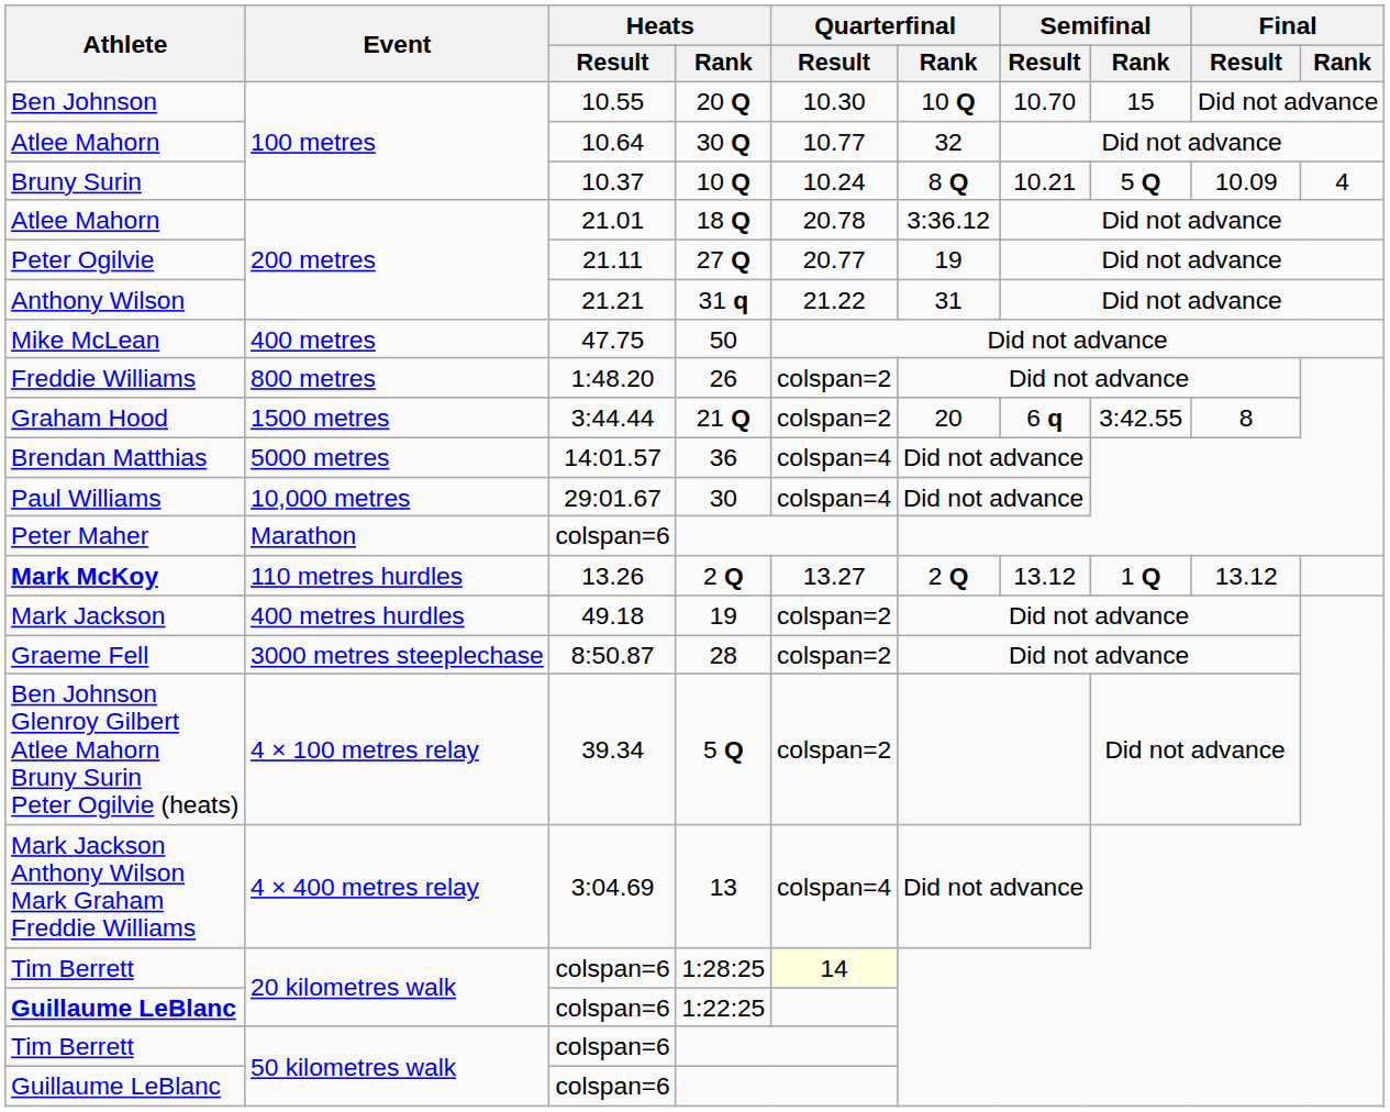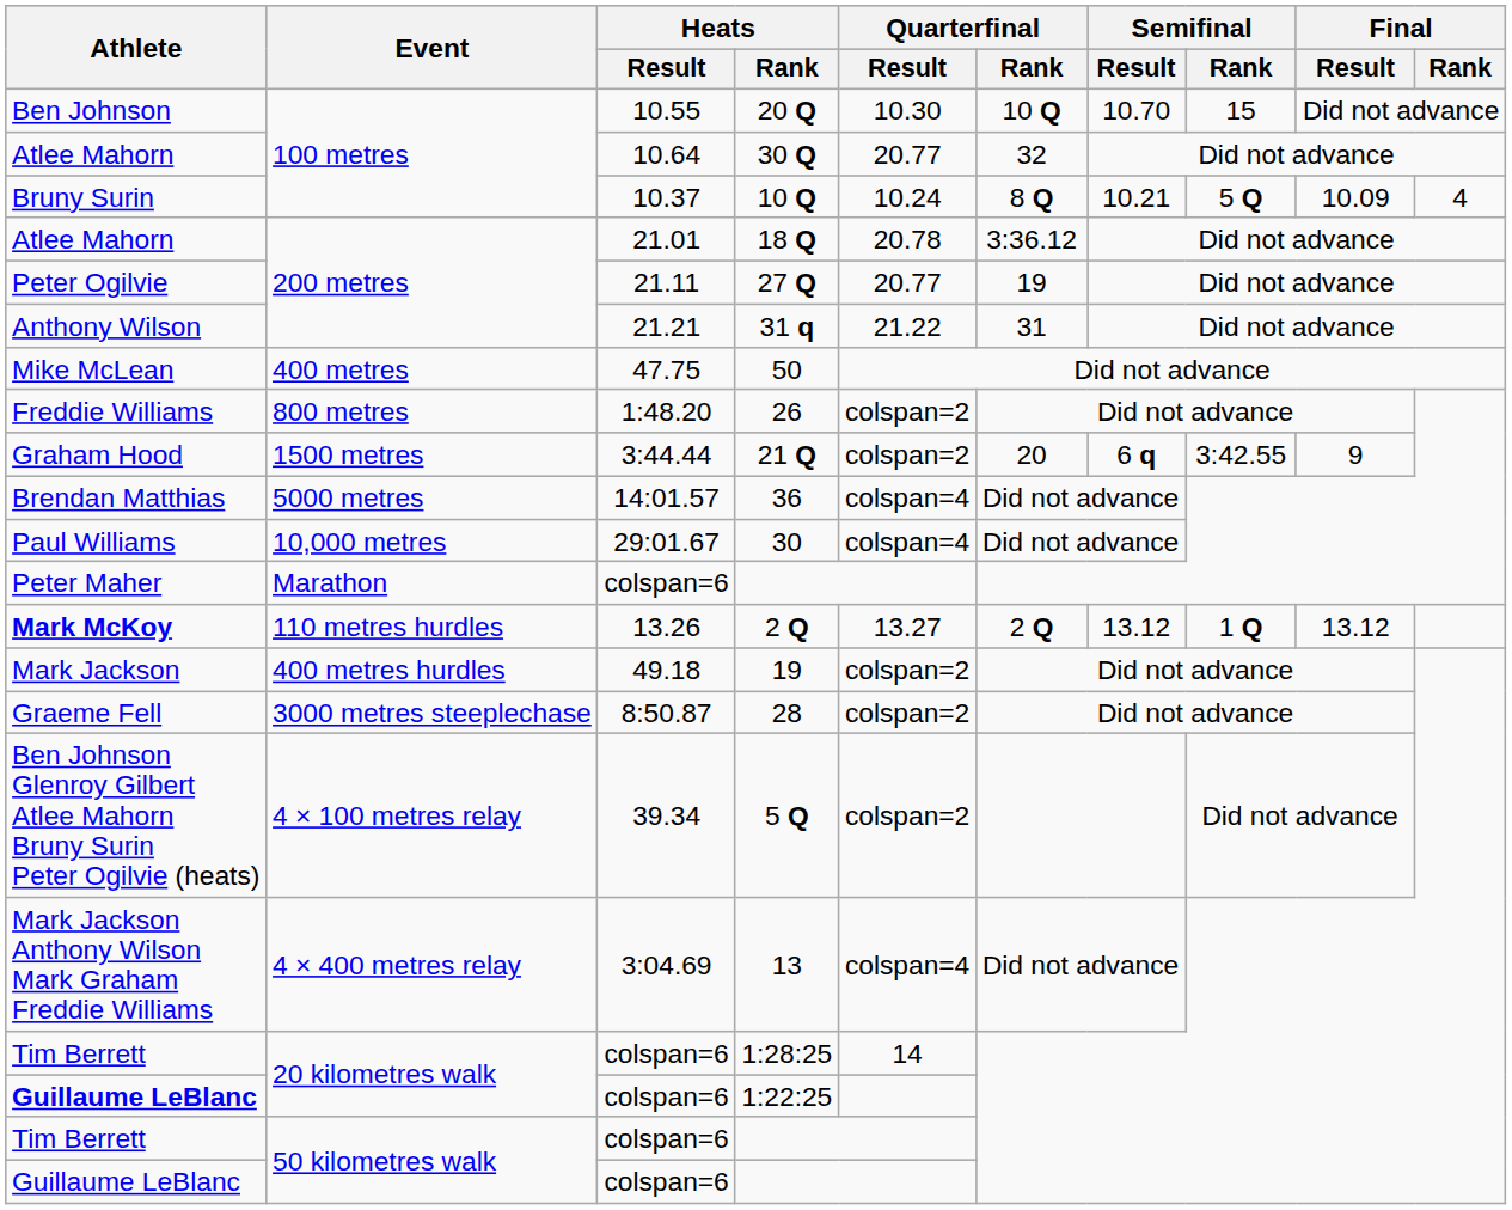 <table class="wikitable" style="font-size:90%">
 <tr>
 <th rowspan="2">Athlete</th>
 <th rowspan="2">Event</th>
 <th colspan="2">Heats</th>
 <th colspan="2">Quarterfinal</th>
 <th colspan="2">Semifinal</th>
 <th colspan="2">Final</th>
 </tr>
 <tr style="font-size:95%">
 <th>Result</th>
 <th>Rank</th>
 <th>Result</th>
 <th>Rank</th>
 <th>Result</th>
 <th>Rank</th>
 <th>Result</th>
 <th>Rank</th>
 </tr>
 <tr align=center>
 <td align=left><a href='#'>Ben Johnson</a></td>
 <td align=left rowspan=3><a href='#'>100 metres</a></td>
 <td>10.55</td>
 <td>20 <strong>Q</strong></td>
 <td>10.30</td>
 <td>10 <strong>Q</strong></td>
 <td>10.70</td>
 <td>15</td>
 <td colspan=2>Did not advance</td>
 </tr>
 <tr align=center>
 <td align=left><a href='#'>Atlee Mahorn</a></td>
 <td>10.64</td>
 <td>30 <strong>Q</strong></td>
-<td>10.77</td>
+<td>20.77</td>
 <td>32</td>
 <td colspan=4>Did not advance</td>
 </tr>
 <tr align=center>
 <td align=left><a href='#'>Bruny Surin</a></td>
 <td>10.37</td>
 <td>10 <strong>Q</strong></td>
 <td>10.24</td>
 <td>8 <strong>Q</strong></td>
 <td>10.21</td>
 <td>5 <strong>Q</strong></td>
 <td>10.09</td>
 <td>4</td>
 </tr>
 <tr align=center>
 <td align=left><a href='#'>Atlee Mahorn</a></td>
 <td align=left rowspan=3><a href='#'>200 metres</a></td>
 <td>21.01</td>
 <td>18 <strong>Q</strong></td>
 <td>20.78</td>
 <td>3:36.12</td>
 <td colspan=4>Did not advance</td>
 </tr>
 <tr align=center>
 <td align=left><a href='#'>Peter Ogilvie</a></td>
 <td>21.11</td>
 <td>27 <strong>Q</strong></td>
 <td>20.77</td>
 <td>19</td>
 <td colspan=4>Did not advance</td>
 </tr>
 <tr align=center>
 <td align=left><a href='#'>Anthony Wilson</a></td>
 <td>21.21</td>
 <td>31 <strong>q</strong></td>
 <td>21.22</td>
 <td>31</td>
 <td colspan=4>Did not advance</td>
 </tr>
 <tr align=center>
 <td align=left><a href='#'>Mike McLean</a></td>
 <td align=left><a href='#'>400 metres</a></td>
 <td>47.75</td>
 <td>50</td>
 <td colspan=6>Did not advance</td>
 </tr>
 <tr align=center>
 <td align=left><a href='#'>Freddie Williams</a></td>
 <td align=left><a href='#'>800 metres</a></td>
 <td>1:48.20</td>
 <td>26</td>
 <td>colspan=2</td>
 <td colspan=4>Did not advance</td>
 </tr>
 <tr align=center>
 <td align=left><a href='#'>Graham Hood</a></td>
 <td align=left><a href='#'>1500 metres</a></td>
 <td>3:44.44</td>
 <td>21 <strong>Q</strong></td>
 <td>colspan=2</td>
 <td>20</td>
 <td>6 <strong>q</strong></td>
 <td>3:42.55</td>
-<td>8</td>
+<td>9</td>
 </tr>
 <tr align=center>
 <td align=left><a href='#'>Brendan Matthias</a></td>
 <td align=left><a href='#'>5000 metres</a></td>
 <td>14:01.57</td>
 <td>36</td>
 <td>colspan=4</td>
 <td colspan=2>Did not advance</td>
 </tr>
 <tr align=center>
 <td align=left><a href='#'>Paul Williams</a></td>
 <td align=left><a href='#'>10,000 metres</a></td>
 <td>29:01.67</td>
 <td>30</td>
 <td>colspan=4</td>
 <td colspan=2>Did not advance</td>
 </tr>
 <tr align=center>
 <td align=left><a href='#'>Peter Maher</a></td>
 <td align=left><a href='#'>Marathon</a></td>
 <td>colspan=6</td>
 <td colspan=2></td>
 </tr>
 <tr align=center>
 <td align=left><strong><a href='#'>Mark McKoy</a></strong></td>
 <td align=left><a href='#'>110 metres hurdles</a></td>
 <td>13.26</td>
 <td>2 <strong>Q</strong></td>
 <td>13.27</td>
 <td>2 <strong>Q</strong></td>
 <td>13.12</td>
 <td>1 <strong>Q</strong></td>
 <td>13.12</td>
 <td></td>
 </tr>
 <tr align=center>
 <td align=left><a href='#'>Mark Jackson</a></td>
 <td align=left><a href='#'>400 metres hurdles</a></td>
 <td>49.18</td>
 <td>19</td>
 <td>colspan=2</td>
 <td colspan=4>Did not advance</td>
 </tr>
 <tr align=center>
 <td align=left><a href='#'>Graeme Fell</a></td>
 <td align=left><a href='#'>3000 metres steeplechase</a></td>
 <td>8:50.87</td>
 <td>28</td>
 <td>colspan=2</td>
 <td colspan=4>Did not advance</td>
 </tr>
 <tr align=center>
 <td align=left><a href='#'>Ben Johnson</a><br><a href='#'>Glenroy Gilbert</a><br><a href='#'>Atlee Mahorn</a><br><a href='#'>Bruny Surin</a><br><a href='#'>Peter Ogilvie</a> (heats)</td>
 <td align=left><a href='#'>4 × 100 metres relay</a></td>
 <td>39.34</td>
 <td>5 <strong>Q</strong></td>
 <td>colspan=2</td>
 <td colspan=2></td>
 <td colspan=2>Did not advance</td>
 </tr>
 <tr align=center>
 <td align=left><a href='#'>Mark Jackson</a><br><a href='#'>Anthony Wilson</a><br><a href='#'>Mark Graham</a><br><a href='#'>Freddie Williams</a></td>
 <td align=left><a href='#'>4 × 400 metres relay</a></td>
 <td>3:04.69</td>
 <td>13</td>
 <td>colspan=4</td>
 <td colspan=2>Did not advance</td>
 </tr>
 <tr align=center>
 <td align=left><a href='#'>Tim Berrett</a></td>
 <td align=left rowspan=2><a href='#'>20 kilometres walk</a></td>
 <td>colspan=6</td>
 <td>1:28:25</td>
-<td style="background: lightyellow;">14</td>
+<td>14</td>
 </tr>
 <tr align=center>
 <td align=left><strong><a href='#'>Guillaume LeBlanc</a></strong></td>
 <td>colspan=6</td>
 <td>1:22:25</td>
 <td></td>
 </tr>
 <tr align=center>
 <td align=left><a href='#'>Tim Berrett</a></td>
 <td align=left rowspan=2><a href='#'>50 kilometres walk</a></td>
 <td>colspan=6</td>
 <td colspan=2></td>
 </tr>
 <tr align=center>
 <td align=left><a href='#'>Guillaume LeBlanc</a></td>
 <td>colspan=6</td>
 <td colspan=2></td>
 </tr>
 </table>
